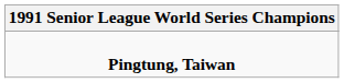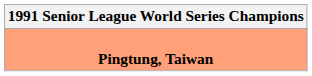 <table class="wikitable" style="text-align: center; margin: 0 auto;">
 <tr>
 <th>1991 Senior League World Series Champions</th>
 </tr>
 <tr>
 </tr>
 <tr>
-<td><br><strong>Pingtung, Taiwan</strong></td>
+<td style="background: lightsalmon;"><br><strong>Pingtung, Taiwan</strong></td>
 </tr>
 </table>
